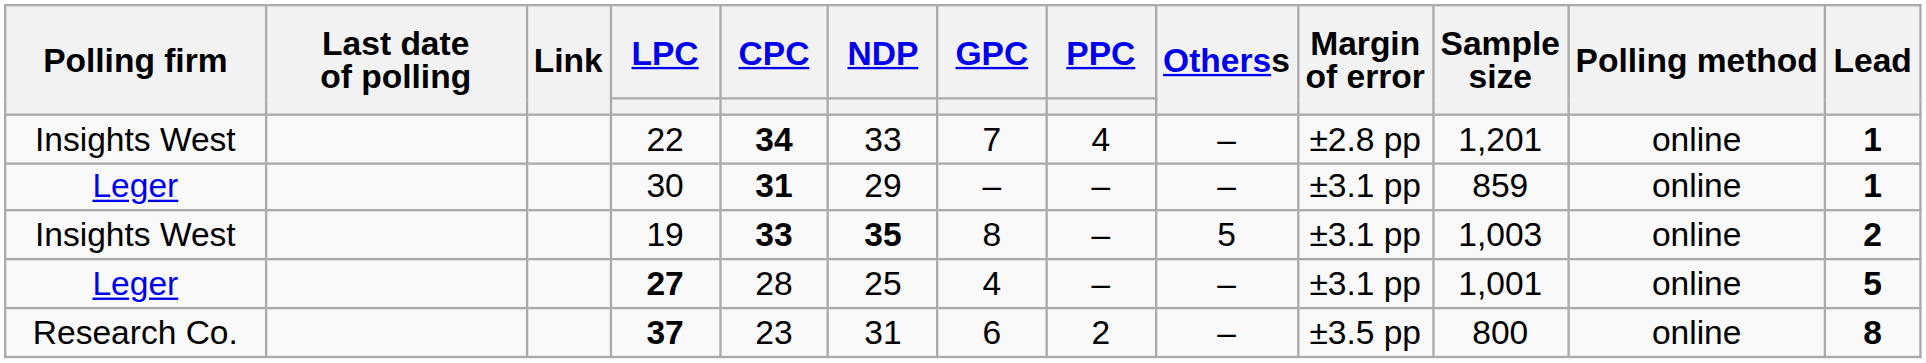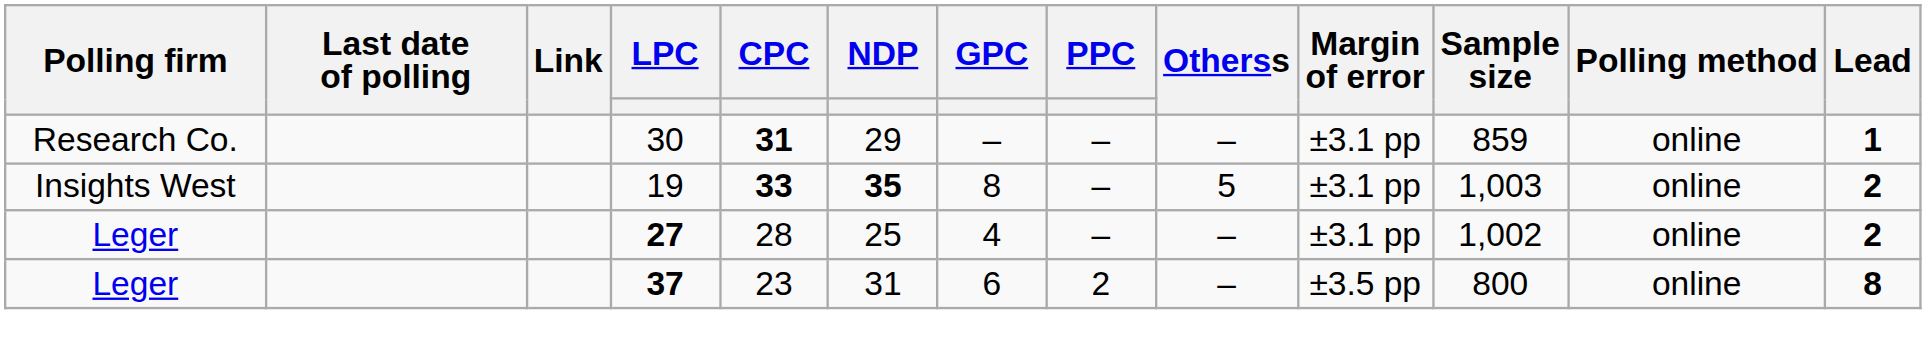 <table class="wikitable sortable mw-datatable" style="text-align:center;font-size:90%;line-height:14px;">
 <tr style="height:40px;">
 <th style="width:105px;" rowspan="2">Polling firm</th>
 <th style="width:105px;" rowspan="2">Last date<br>of polling</th>
 <th rowspan="2">Link</th>
 <th class="unsortable" style="width:40px;"><a href='#'>LPC</a></th>
 <th class="unsortable" style="width:40px;"><a href='#'>CPC</a></th>
 <th class="unsortable" style="width:40px;"><a href='#'>NDP</a></th>
 <th class="unsortable" style="width:40px;"><a href='#'>GPC</a></th>
 <th class="unsortable" style="width:40px;"><a href='#'>PPC</a></th>
 <th rowspan="2" style="width:40px"><a href='#'>Others</a>s</th>
 <th rowspan="2">Margin<br>of error</th>
 <th rowspan="2">Sample<br>size</th>
 <th rowspan="2">Polling method</th>
 <th rowspan="2">Lead</th>
 </tr>
 <tr>
 <th style="background:"></th>
 <th style="background:"></th>
 <th style="background:"></th>
 <th style="background:"></th>
 <th style="background:"></th>
 </tr>
 <tr>
-<td>Insights West</td>
-<td></td>
-<td></td>
-<td>22</td>
-<td><strong>34</strong></td>
-<td>33</td>
-<td>7</td>
-<td>4</td>
-<td>–</td>
-<td>±2.8 pp</td>
-<td>1,201</td>
-<td>online</td>
-<td><strong>1</strong></td>
-</tr>
-<tr>
-<td><a href='#'>Leger</a></td>
+<td>Research Co.</td>
 <td></td>
 <td></td>
 <td>30</td>
 <td><strong>31</strong></td>
 <td>29</td>
 <td>–</td>
 <td>–</td>
 <td>–</td>
 <td>±3.1 pp</td>
 <td>859</td>
 <td>online</td>
 <td><strong>1</strong></td>
 </tr>
 <tr>
 <td>Insights West</td>
 <td></td>
 <td></td>
 <td>19</td>
 <td><strong>33</strong></td>
 <td><strong>35</strong></td>
 <td>8</td>
 <td>–</td>
 <td>5</td>
 <td>±3.1 pp</td>
 <td>1,003</td>
 <td>online</td>
 <td><strong>2</strong></td>
 </tr>
 <tr>
 <td><a href='#'>Leger</a></td>
 <td></td>
 <td></td>
 <td><strong>27</strong></td>
 <td>28</td>
 <td>25</td>
 <td>4</td>
 <td>–</td>
 <td>–</td>
 <td>±3.1 pp</td>
-<td>1,001</td>
+<td>1,002</td>
 <td>online</td>
-<td><strong>5</strong></td>
+<td><strong>2</strong></td>
 </tr>
 <tr>
-<td>Research Co.</td>
+<td><a href='#'>Leger</a></td>
 <td></td>
 <td></td>
 <td><strong>37</strong></td>
 <td>23</td>
 <td>31</td>
 <td>6</td>
 <td>2</td>
 <td>–</td>
 <td>±3.5 pp</td>
 <td>800</td>
 <td>online</td>
 <td><strong>8</strong></td>
 </tr>
 </table>
